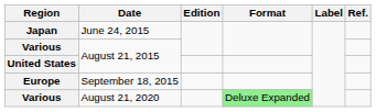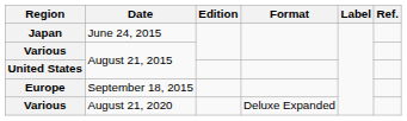 <table class="wikitable plainrowheaders">
 <tr>
 <th scope="col">Region</th>
 <th scope="col">Date</th>
 <th scope="col">Edition</th>
 <th scope="col">Format</th>
 <th scope="col">Label</th>
 <th scope="col">Ref.</th>
 </tr>
 <tr>
 <th scope="row">Japan</th>
 <td>June 24, 2015</td>
 <td rowspan="2"></td>
 <td rowspan="2"></td>
 <td rowspan="5"></td>
 <td style="text-align:center;"></td>
 </tr>
 <tr>
 <th scope="row">Various</th>
 <td rowspan="2">August 21, 2015</td>
 <td style="text-align:center;"><br></td>
 </tr>
 <tr>
 <th scope="row">United States</th>
 <td></td>
 <td></td>
 <td style="text-align:center;"></td>
 </tr>
 <tr>
 <th scope="row">Europe</th>
 <td>September 18, 2015</td>
 <td></td>
 <td></td>
 <td style="text-align:center;"></td>
 </tr>
 <tr>
 <th scope="row">Various</th>
 <td>August 21, 2020</td>
 <td></td>
-<td style="background: lightgreen;">Deluxe Expanded</td>
+<td>Deluxe Expanded</td>
 <td style="text-align:center;"></td>
 </tr>
 </table>
